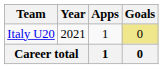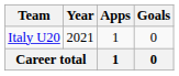 <table class="wikitable" style="text-align:center">
 <tr>
 <th>Team</th>
 <th>Year</th>
 <th>Apps</th>
 <th>Goals</th>
 </tr>
 <tr>
 <td><a href='#'>Italy U20</a></td>
 <td>2021</td>
 <td>1</td>
-<td style="background: khaki;">0</td>
+<td>0</td>
 </tr>
 <tr>
 <th colspan="2">Career total</th>
 <th>1</th>
 <th>0</th>
 </tr>
 </table>
